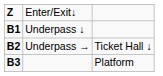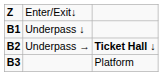 <table class="wikitable">
 <tr>
 <td><strong>Z</strong></td>
 <td>Enter/Exit↓</td>
 <td></td>
 </tr>
 <tr>
 <td><strong>B1</strong></td>
 <td>Underpass ↓</td>
 <td></td>
 </tr>
 <tr>
 <td><strong>B2</strong></td>
 <td>Underpass →</td>
-<td>Ticket Hall ↓</td>
+<td><strong>Ticket Hall ↓</strong></td>
 </tr>
 <tr>
 <td><strong>B3</strong></td>
 <td></td>
 <td>Platform</td>
 </tr>
 </table>
